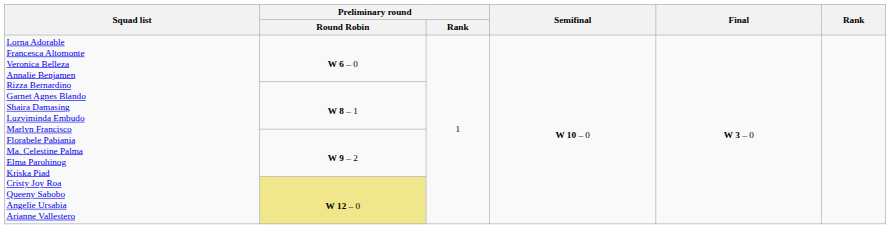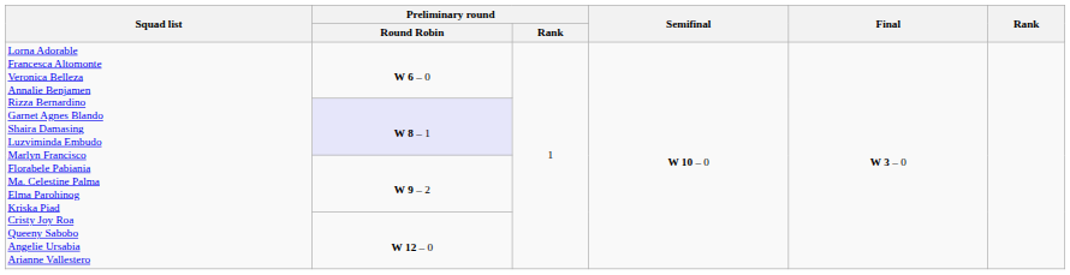 <table class="wikitable" width="87%" style="text-align:left; font-size:90%">
 <tr>
 <th rowspan="2" width="20%">Squad list</th>
 <th colspan="2">Preliminary round</th>
 <th rowspan="2" width="13%">Semifinal</th>
 <th rowspan="2" width="13%">Final</th>
 <th rowspan="2" width="5%">Rank</th>
 </tr>
 <tr>
 <th width="13%">Round Robin</th>
 <th width="5%">Rank</th>
 </tr>
 <tr>
 <td rowspan=4><a href='#'>Lorna Adorable</a><br><a href='#'>Francesca Altomonte</a><br><a href='#'>Veronica Belleza</a><br><a href='#'>Annalie Benjamen</a><br><a href='#'>Rizza Bernardino</a><br><a href='#'>Garnet Agnes Blando</a><br><a href='#'>Shaira Damasing</a><br><a href='#'>Luzviminda Embudo</a><br><a href='#'>Marlyn Francisco</a><br><a href='#'>Florabele Pabiania</a><br><a href='#'>Ma. Celestine Palma</a><br><a href='#'>Elma Parohinog</a><br><a href='#'>Kriska Piad</a><br><a href='#'>Cristy Joy Roa</a><br><a href='#'>Queeny Sabobo</a><br><a href='#'>Angelie Ursabia</a><br><a href='#'>Arianne Vallestero</a></td>
 <td style="text-align:center;"><br> <strong>W</strong> <strong>6</strong> – 0</td>
 <td rowspan=4 align=center>1 <strong></strong></td>
 <td rowspan=4 align=center><br> <strong>W 10</strong> – 0</td>
 <td rowspan=4 align=center><br> <strong>W</strong> <strong>3</strong> – 0</td>
 <td rowspan=4 align=center></td>
 </tr>
 <tr>
-<td style="text-align:center;"><br> <strong>W</strong> <strong>8</strong> – 1</td>
+<td style="background: lavender; text-align:center;"><br> <strong>W</strong> <strong>8</strong> – 1</td>
 </tr>
 <tr>
 <td style="text-align:center;"><br> <strong>W</strong> <strong>9</strong> – 2</td>
 </tr>
 <tr>
-<td style="background: khaki; text-align:center;"><br> <strong>W</strong> <strong>12</strong> – 0</td>
+<td style="text-align:center;"><br> <strong>W</strong> <strong>12</strong> – 0</td>
 </tr>
 </table>
